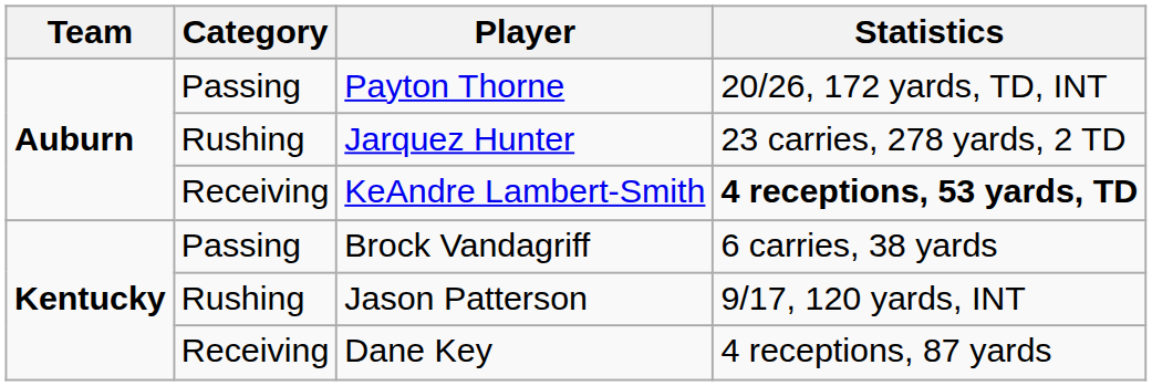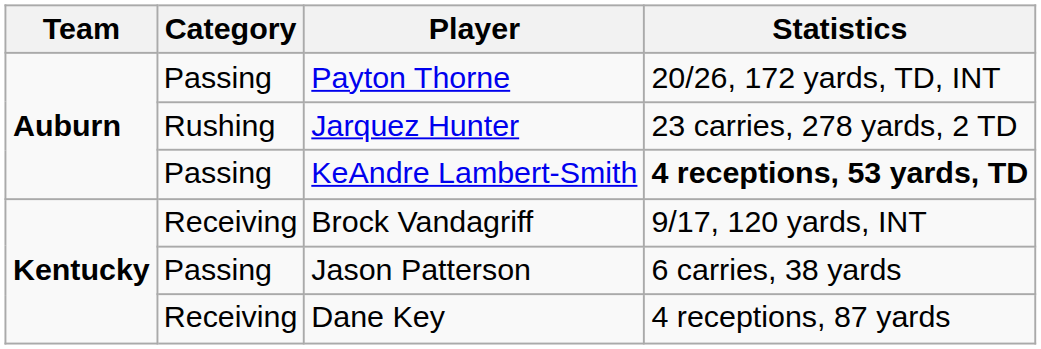 <table class="wikitable" style="float: right;">
 <tr>
 <th>Team</th>
 <th>Category</th>
 <th>Player</th>
 <th>Statistics</th>
 </tr>
 <tr>
 <td rowspan=3><strong>Auburn</strong></td>
 <td>Passing</td>
 <td><a href='#'>Payton Thorne</a></td>
 <td>20/26, 172 yards, TD, INT</td>
 </tr>
 <tr>
 <td>Rushing</td>
 <td><a href='#'>Jarquez Hunter</a></td>
 <td>23 carries, 278 yards, 2 TD</td>
 </tr>
 <tr>
-<td>Receiving</td>
+<td>Passing</td>
 <td><a href='#'>KeAndre Lambert-Smith</a></td>
 <td><strong>4 receptions, 53 yards, TD</strong></td>
 </tr>
 <tr>
 <td rowspan=3><strong>Kentucky</strong></td>
-<td>Passing</td>
+<td>Receiving</td>
 <td>Brock Vandagriff</td>
-<td>6 carries, 38 yards</td>
+<td>9/17, 120 yards, INT</td>
 </tr>
 <tr>
-<td>Rushing</td>
+<td>Passing</td>
 <td>Jason Patterson</td>
-<td>9/17, 120 yards, INT</td>
+<td>6 carries, 38 yards</td>
 </tr>
 <tr>
 <td>Receiving</td>
 <td>Dane Key</td>
 <td>4 receptions, 87 yards</td>
 </tr>
 </table>
